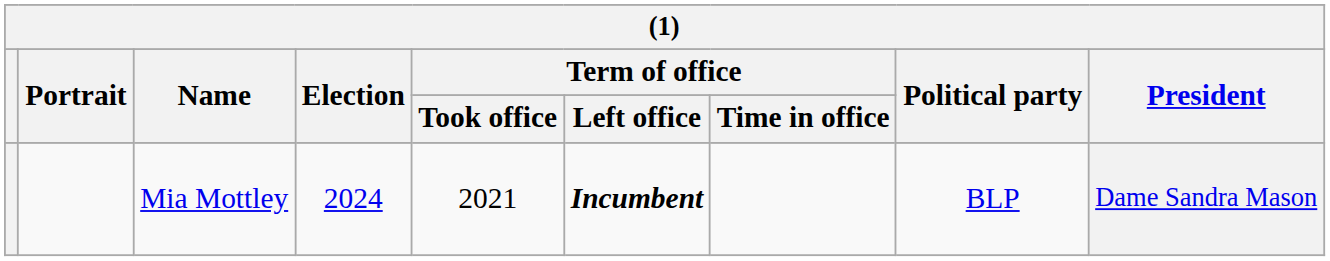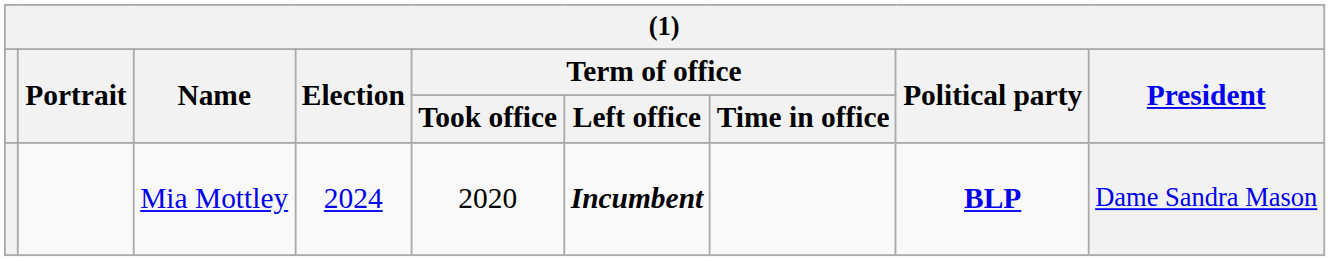 <table class="wikitable" style="text-align:center">
 <tr>
 <th colspan="9" style="background:#f2f2f2; font-size:90%; align=center"> (1)</th>
 </tr>
 <tr>
 <th rowspan="2"></th>
 <th rowspan="2">Portrait</th>
 <th rowspan="2">Name<br></th>
 <th rowspan="2">Election</th>
 <th colspan="3">Term of office</th>
 <th rowspan="2">Political party</th>
 <th rowspan="2"><a href='#'>President</a></th>
 </tr>
 <tr>
 <th>Took office</th>
 <th>Left office</th>
 <th>Time in office</th>
 </tr>
 <tr>
 <th rowspan="2" style="background:"></th>
 <td></td>
 <td><br><a href='#'>Mia Mottley</a><br><br></td>
 <td><a href='#'>2024</a></td>
-<td> 2021</td>
+<td> 2020</td>
 <td><strong><em>Incumbent</em></strong></td>
 <td></td>
-<td><a href='#'>BLP</a></td>
+<td><strong><a href='#'>BLP</a></strong></td>
 <th style="font-size:90%; font-weight:normal; line-height:normal; text-align:center"><a href='#'>Dame Sandra Mason</a></th>
 </tr>
 </table>
